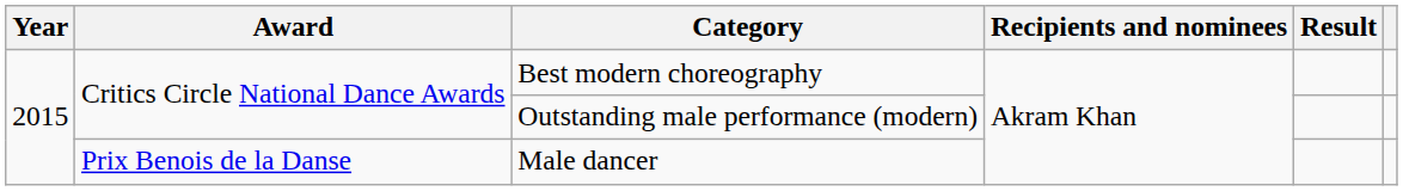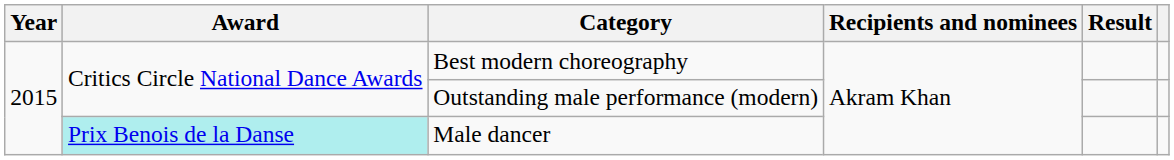 <table class="wikitable">
 <tr>
 <th>Year</th>
 <th>Award</th>
 <th>Category</th>
 <th>Recipients and nominees</th>
 <th>Result</th>
 <th></th>
 </tr>
 <tr>
 <td rowspan="3">2015</td>
 <td rowspan="2">Critics Circle <a href='#'>National Dance Awards</a></td>
 <td>Best modern choreography</td>
 <td rowspan="3">Akram Khan</td>
 <td></td>
 <td></td>
 </tr>
 <tr>
 <td>Outstanding male performance (modern)</td>
 <td></td>
 <td></td>
 </tr>
 <tr>
-<td><a href='#'>Prix Benois de la Danse</a></td>
+<td style="background: paleturquoise;"><a href='#'>Prix Benois de la Danse</a></td>
 <td>Male dancer</td>
 <td></td>
 <td></td>
 </tr>
 </table>
